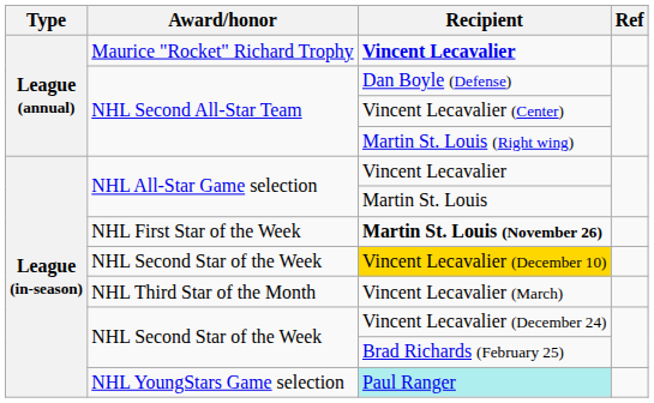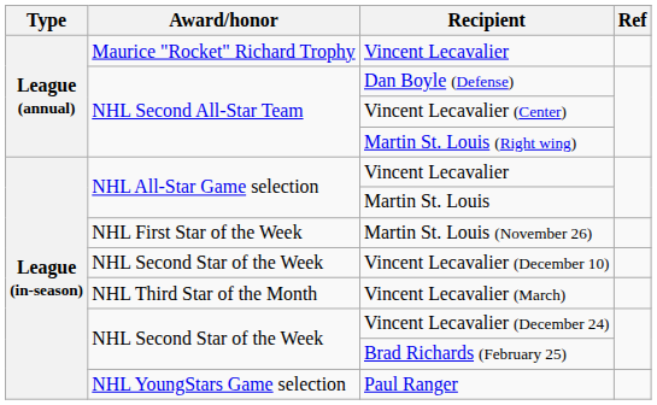 <table class="wikitable">
 <tr>
 <th scope="col">Type</th>
 <th scope="col">Award/honor</th>
 <th scope="col">Recipient</th>
 <th scope="col">Ref</th>
 </tr>
 <tr>
 <th scope="row" rowspan="4">League<br><small>(annual)</small></th>
 <td><a href='#'>Maurice "Rocket" Richard Trophy</a></td>
-<td><strong><a href='#'>Vincent Lecavalier</a></strong></td>
+<td><a href='#'>Vincent Lecavalier</a></td>
 <td></td>
 </tr>
 <tr>
 <td rowspan="3"><a href='#'>NHL Second All-Star Team</a></td>
 <td><a href='#'>Dan Boyle</a> <small>(<a href='#'>Defense</a>)</small></td>
 <td rowspan="3"></td>
 </tr>
 <tr>
 <td>Vincent Lecavalier <small>(<a href='#'>Center</a>)</small></td>
 </tr>
 <tr>
 <td><a href='#'>Martin St. Louis</a> <small>(<a href='#'>Right wing</a>)</small></td>
 </tr>
 <tr>
 <th scope="row" rowspan="8">League<br><small>(in-season)</small></th>
 <td rowspan="2"><a href='#'>NHL All-Star Game</a> selection</td>
 <td>Vincent Lecavalier</td>
 <td rowspan="2"></td>
 </tr>
 <tr>
 <td>Martin St. Louis</td>
 </tr>
 <tr>
 <td>NHL First Star of the Week</td>
-<td><strong>Martin St. Louis <small>(November 26)</small></strong></td>
+<td>Martin St. Louis <small>(November 26)</small></td>
 <td></td>
 </tr>
 <tr>
 <td>NHL Second Star of the Week</td>
-<td style="background: gold;">Vincent Lecavalier <small>(December 10)</small></td>
+<td>Vincent Lecavalier <small>(December 10)</small></td>
 <td></td>
 </tr>
 <tr>
 <td>NHL Third Star of the Month</td>
 <td>Vincent Lecavalier <small>(March)</small></td>
 <td></td>
 </tr>
 <tr>
 <td rowspan="2">NHL Second Star of the Week</td>
 <td>Vincent Lecavalier <small>(December 24)</small></td>
 <td rowspan="2"></td>
 </tr>
 <tr>
 <td><a href='#'>Brad Richards</a> <small>(February 25)</small></td>
 </tr>
 <tr>
 <td><a href='#'>NHL YoungStars Game</a> selection</td>
-<td style="background: paleturquoise;"><a href='#'>Paul Ranger</a></td>
+<td><a href='#'>Paul Ranger</a></td>
 <td></td>
 </tr>
 </table>
